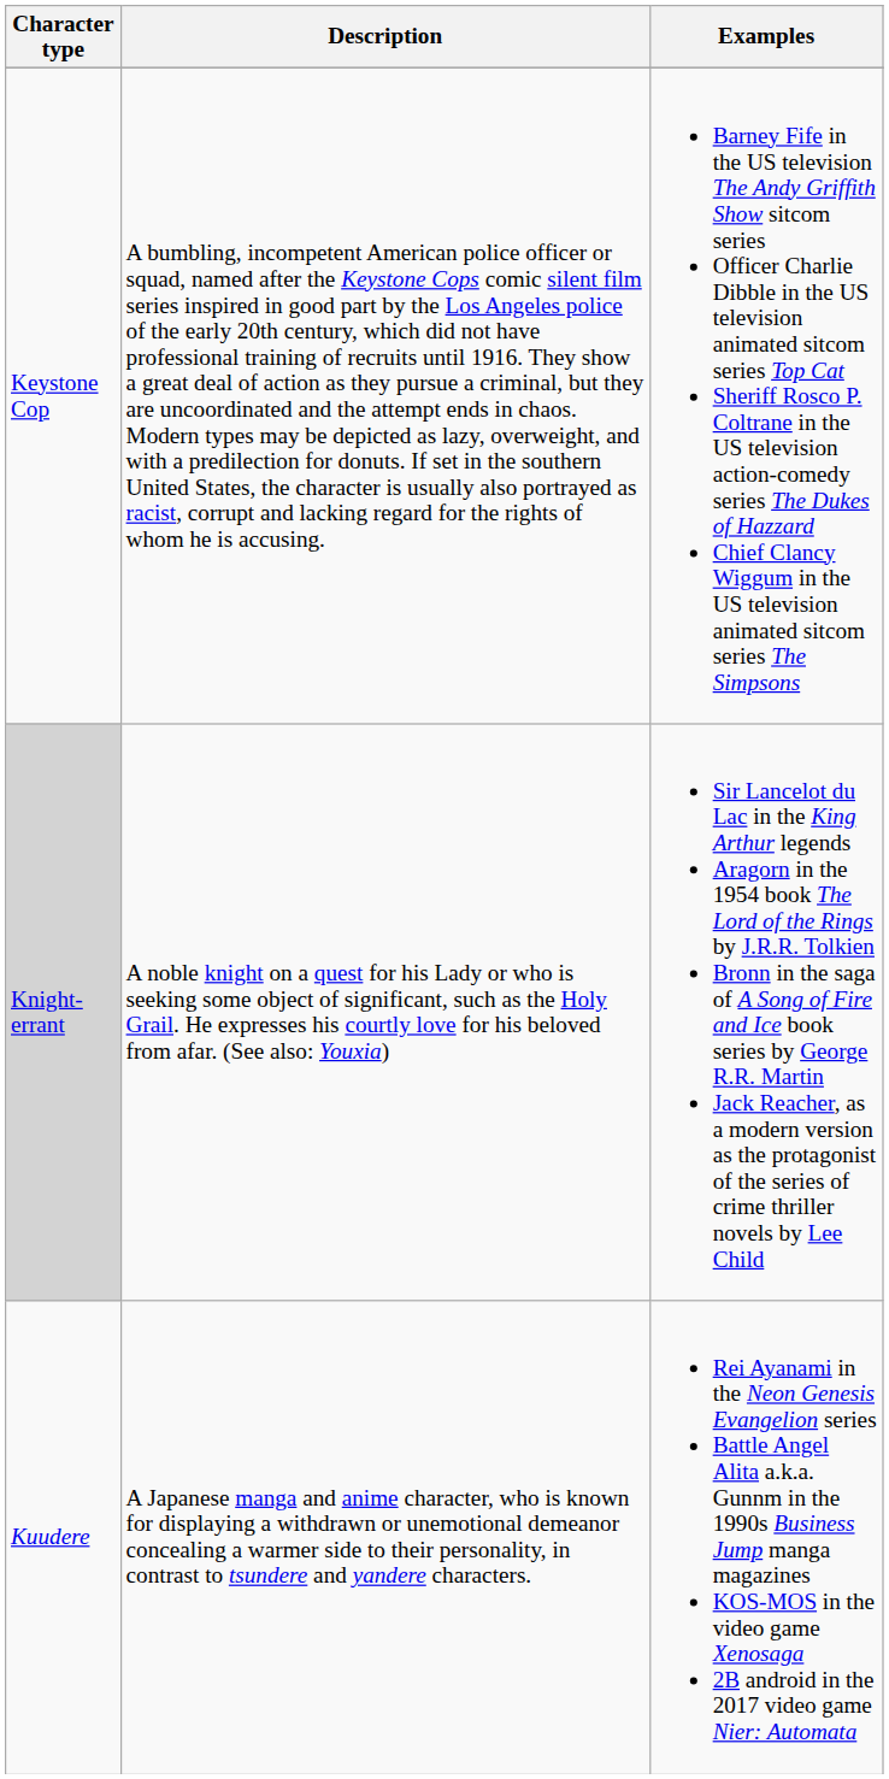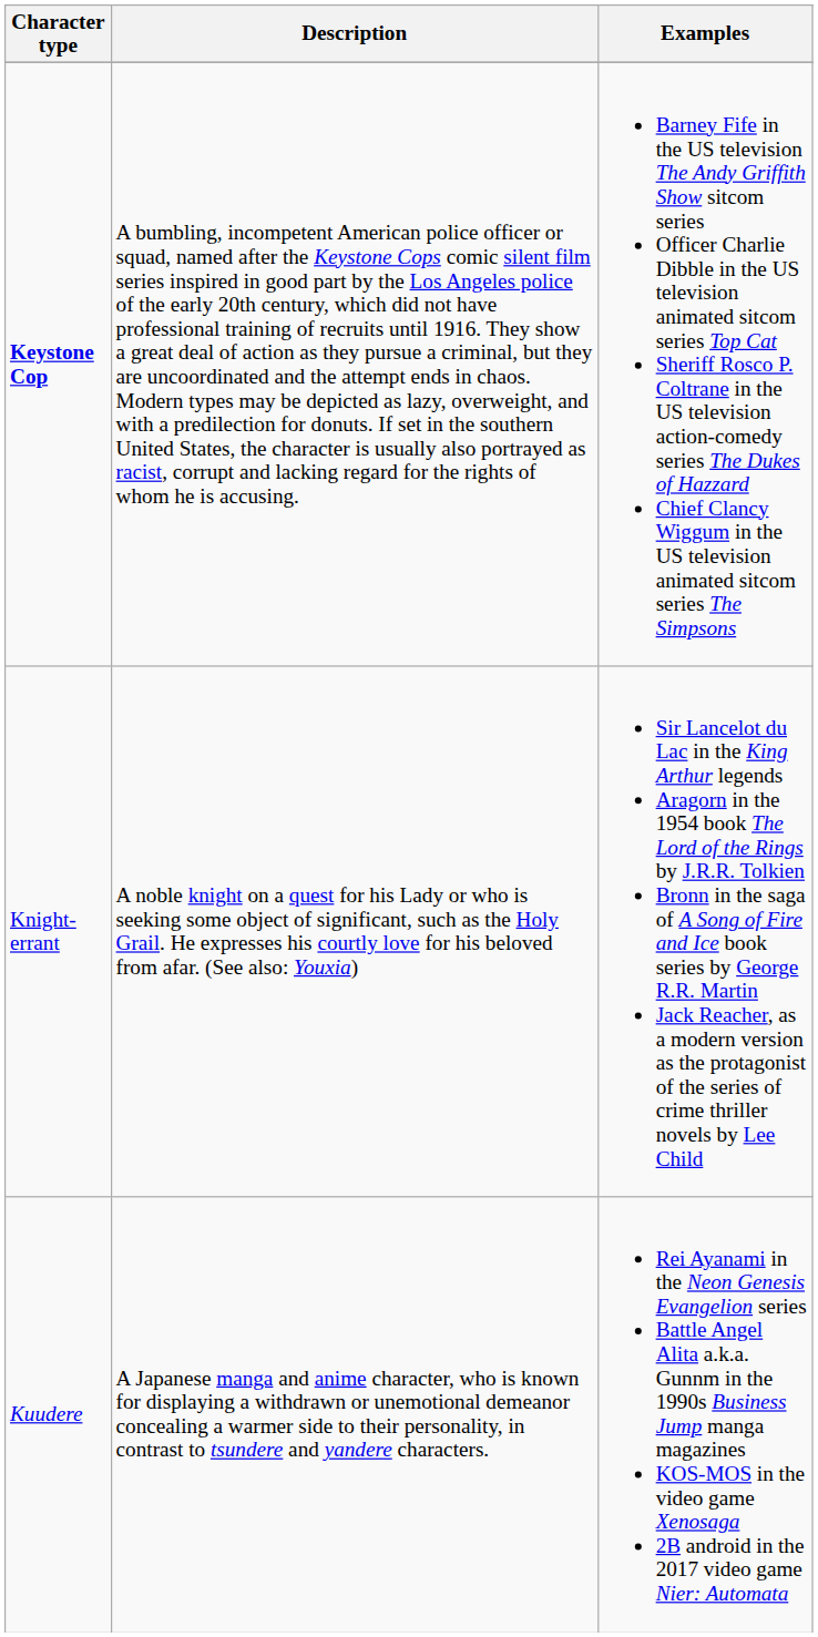 <table class="wikitable">
 <tr>
 <th>Character type</th>
 <th>Description</th>
 <th>Examples</th>
 </tr>
 <tr>
 </tr>
 <tr>
-<td><a href='#'>Keystone Cop</a></td>
+<td><strong><a href='#'>Keystone Cop</a></strong></td>
 <td>A bumbling, incompetent American police officer or squad, named after the <em><a href='#'>Keystone Cops</a></em> comic <a href='#'>silent film</a> series inspired in good part by the <a href='#'>Los Angeles police</a> of the early 20th century, which did not have professional training of recruits until 1916. They show a great deal of action as they pursue a criminal, but they are uncoordinated and the attempt ends in chaos. Modern types may be depicted as lazy, overweight, and with a predilection for donuts. If set in the southern United States, the character is usually also portrayed as <a href='#'>racist</a>, corrupt and lacking regard for the rights of whom he is accusing.</td>
 <td><br><ul><li><a href='#'>Barney Fife</a> in the US television <em><a href='#'>The Andy Griffith Show</a></em> sitcom series</li><li>Officer Charlie Dibble in the US television animated sitcom series <em><a href='#'>Top Cat</a></em></li><li><a href='#'>Sheriff Rosco P. Coltrane</a> in the US television action-comedy series <em><a href='#'>The Dukes of Hazzard</a></em></li><li><a href='#'>Chief Clancy Wiggum</a> in the US television animated sitcom series <em><a href='#'>The Simpsons</a></em></li></ul></td>
 </tr>
 <tr>
-<td style="background: lightgrey;"><a href='#'>Knight-errant</a></td>
+<td><a href='#'>Knight-errant</a></td>
 <td>A noble <a href='#'>knight</a> on a <a href='#'>quest</a> for his Lady or who is seeking some object of significant, such as the <a href='#'>Holy Grail</a>. He expresses his <a href='#'>courtly love</a> for his beloved from afar. (See also: <em><a href='#'>Youxia</a></em>)</td>
 <td><br><ul><li><a href='#'>Sir Lancelot du Lac</a> in the <em><a href='#'>King Arthur</a></em> legends</li><li><a href='#'>Aragorn</a> in the 1954 book <em><a href='#'>The Lord of the Rings</a></em> by <a href='#'>J.R.R. Tolkien</a></li><li><a href='#'>Bronn</a> in the saga of <em><a href='#'>A Song of Fire and Ice</a></em> book series by <a href='#'>George R.R. Martin</a></li><li><a href='#'>Jack Reacher</a>, as a modern version as the protagonist of the series of crime thriller novels by <a href='#'>Lee Child</a></li></ul></td>
 </tr>
 <tr>
 <td><em><a href='#'>Kuudere</a></em></td>
 <td>A Japanese <a href='#'>manga</a> and <a href='#'>anime</a> character, who is known for displaying a withdrawn or unemotional demeanor concealing a warmer side to their personality, in contrast to <em><a href='#'>tsundere</a></em> and <em><a href='#'>yandere</a></em> characters.</td>
 <td><br><ul><li><a href='#'>Rei Ayanami</a> in the <em><a href='#'>Neon Genesis Evangelion</a></em> series</li><li><a href='#'>Battle Angel Alita</a> a.k.a. Gunnm in the 1990s <em><a href='#'>Business Jump</a></em> manga magazines</li><li><a href='#'>KOS-MOS</a> in the video game <em><a href='#'>Xenosaga</a></em></li><li><a href='#'>2B</a> android in the 2017 video game <em><a href='#'>Nier: Automata</a></em></li></ul></td>
 </tr>
 </table>
